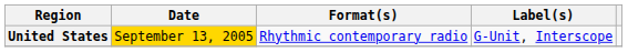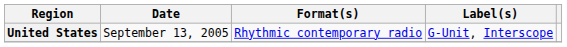 <table class="wikitable plainrowheaders">
 <tr>
 <th scope="col">Region</th>
 <th scope="col">Date</th>
 <th scope="col">Format(s)</th>
 <th scope="col">Label(s)</th>
 <th scope="col"></th>
 </tr>
 <tr>
 <th scope="row">United States</th>
-<td style="background: gold;">September 13, 2005</td>
+<td>September 13, 2005</td>
 <td><a href='#'>Rhythmic contemporary radio</a></td>
 <td><a href='#'>G-Unit</a>, <a href='#'>Interscope</a></td>
 <td align="center"></td>
 </tr>
 <tr>
 </tr>
 </table>
